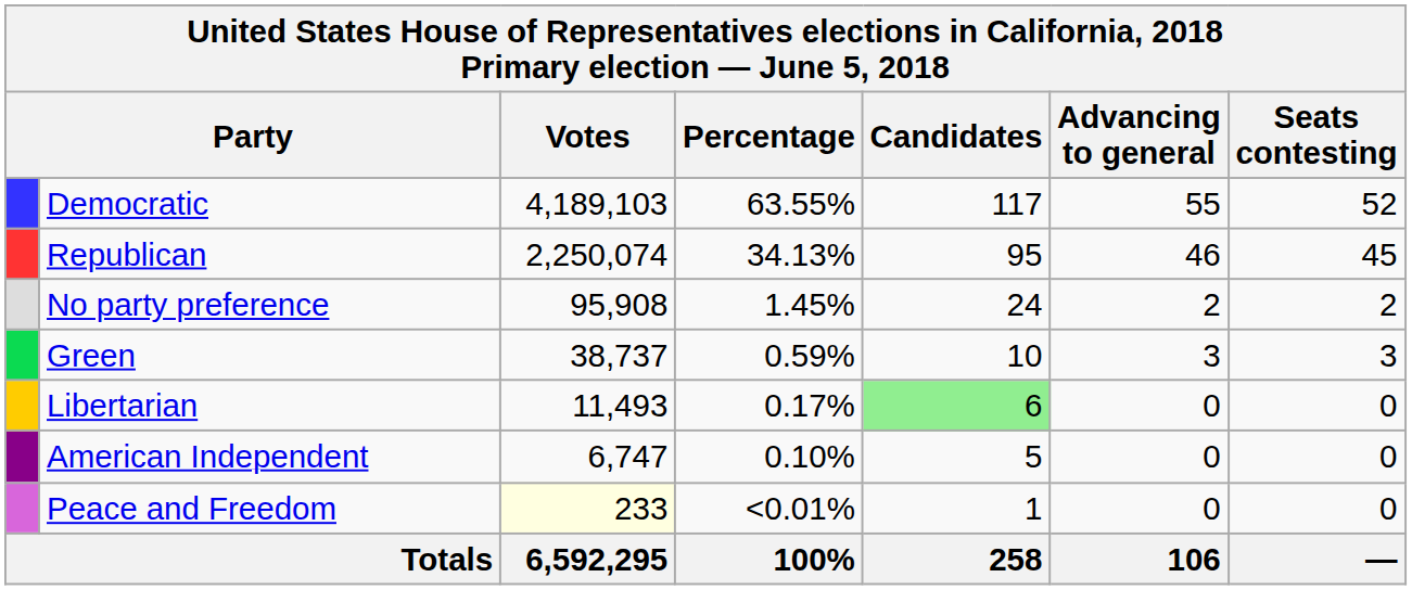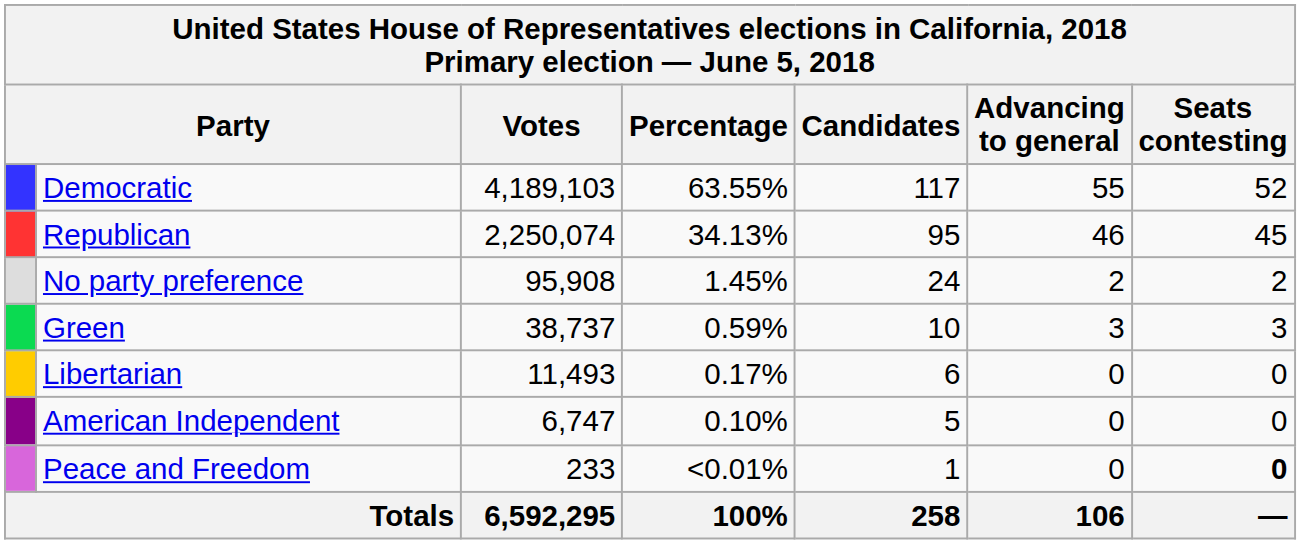 <table class="wikitable" style="font-size: 95%;">
 <tr>
 <th colspan="7">United States House of Representatives elections in California, 2018<br>Primary election — June 5, 2018</th>
 </tr>
 <tr>
 <th colspan=2 style="width: 15em">Party</th>
 <th style="width: 5em">Votes</th>
 <th style="width: 5em">Percentage</th>
 <th style="width: 5em">Candidates</th>
 <th style="width: 5em">Advancing to general</th>
 <th style="width: 5em">Seats contesting</th>
 </tr>
 <tr>
 <th style="background:#33f; width:3px;"></th>
 <td style="width: 130px"><a href='#'>Democratic</a></td>
 <td style="text-align:right;">4,189,103</td>
 <td style="text-align:right;">63.55%</td>
 <td style="text-align:right;">117</td>
 <td style="text-align:right;">55</td>
 <td style="text-align:right;">52</td>
 </tr>
 <tr>
 <th style="background:#f33; width:3px;"></th>
 <td style="width: 130px"><a href='#'>Republican</a></td>
 <td style="text-align:right;">2,250,074</td>
 <td style="text-align:right;">34.13%</td>
 <td style="text-align:right;">95</td>
 <td style="text-align:right;">46</td>
 <td style="text-align:right;">45</td>
 </tr>
 <tr>
 <th style="background:#dddddd; width:3px;"></th>
 <td style="width: 130px"><a href='#'>No party preference</a></td>
 <td style="text-align:right;">95,908</td>
 <td style="text-align:right;">1.45%</td>
 <td style="text-align:right;">24</td>
 <td style="text-align:right;">2</td>
 <td style="text-align:right;">2</td>
 </tr>
 <tr>
 <th style="background:#0bda51; width:3px;"></th>
 <td style="width: 130px"><a href='#'>Green</a></td>
 <td style="text-align:right;">38,737</td>
 <td style="text-align:right;">0.59%</td>
 <td style="text-align:right;">10</td>
 <td style="text-align:right;">3</td>
 <td style="text-align:right;">3</td>
 </tr>
 <tr>
 <th style="background:#fc0; width:3px;"></th>
 <td style="width: 130px"><a href='#'>Libertarian</a></td>
 <td style="text-align:right;">11,493</td>
 <td style="text-align:right;">0.17%</td>
-<td style="background: lightgreen; text-align:right;">6</td>
+<td style="text-align:right;">6</td>
 <td style="text-align:right;">0</td>
 <td style="text-align:right;">0</td>
 </tr>
 <tr>
 <th style="background:#808; width:3px;"></th>
 <td style="width: 130px"><a href='#'>American Independent</a></td>
 <td style="text-align:right;">6,747</td>
 <td style="text-align:right;">0.10%</td>
 <td style="text-align:right;">5</td>
 <td style="text-align:right;">0</td>
 <td style="text-align:right;">0</td>
 </tr>
 <tr>
 <th style="background:#d866db; width:3px;"></th>
 <td style="width: 130px"><a href='#'>Peace and Freedom</a></td>
-<td style="background: lightyellow; text-align:right;">233</td>
+<td style="text-align:right;">233</td>
 <td style="text-align:right;"><0.01%</td>
 <td style="text-align:right;">1</td>
 <td style="text-align:right;">0</td>
-<td style="text-align:right;">0</td>
+<td style="text-align:right;"><strong>0</strong></td>
 </tr>
 <tr style="background:#eee;">
 <th colspan="2" style="text-align:right;">Totals</th>
 <th style="text-align:right;">6,592,295</th>
 <th style="text-align:right;">100%</th>
 <th style="text-align:right;">258</th>
 <th style="text-align:right;">106</th>
 <th style="text-align:right;">—</th>
 </tr>
 </table>
